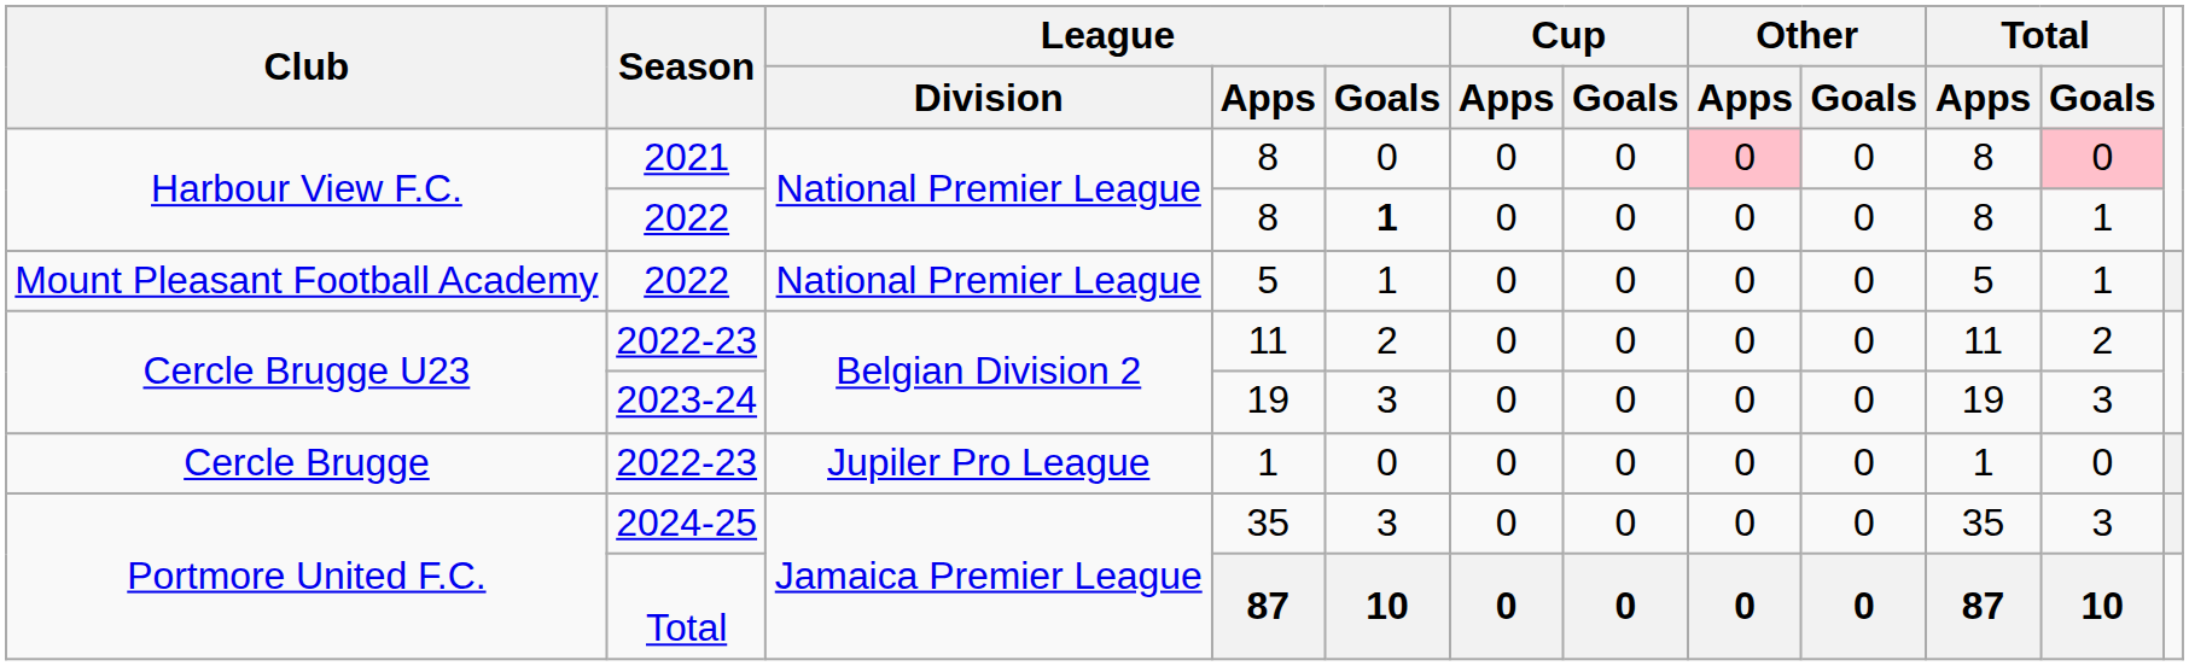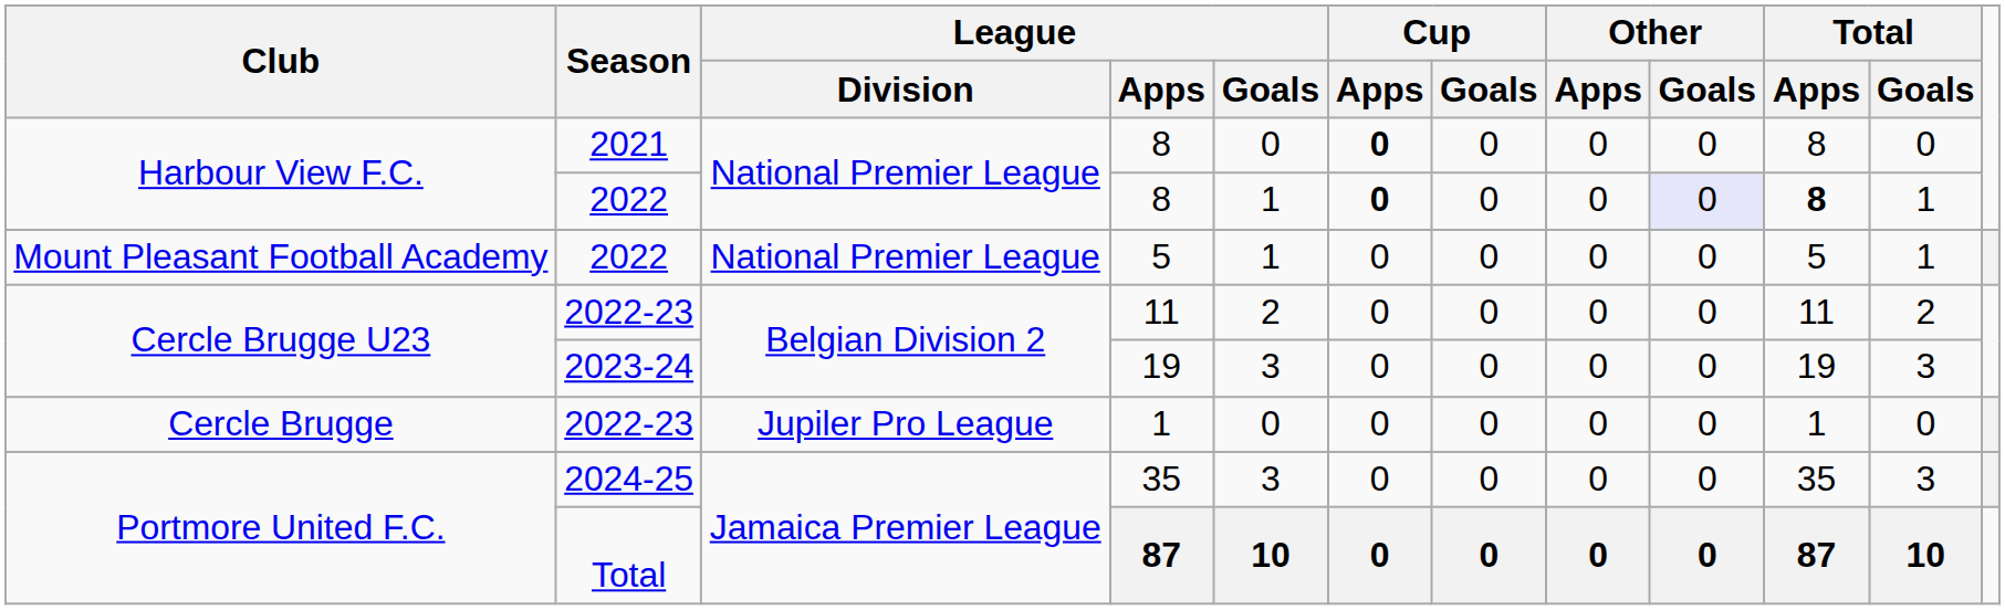 <table class="wikitable" style="text-align: center">
 <tr>
 <th rowspan="2">Club</th>
 <th rowspan="2">Season</th>
 <th colspan="3">League</th>
 <th colspan="2">Cup</th>
 <th colspan="2">Other</th>
 <th colspan="2">Total</th>
 </tr>
 <tr>
 <th>Division</th>
 <th>Apps</th>
 <th>Goals</th>
 <th>Apps</th>
 <th>Goals</th>
 <th>Apps</th>
 <th>Goals</th>
 <th>Apps</th>
 <th>Goals</th>
 </tr>
 <tr>
 <td rowspan="2"><a href='#'>Harbour View F.C.</a></td>
 <td><a href='#'>2021</a></td>
 <td rowspan="2"><a href='#'>National Premier League</a></td>
 <td>8</td>
 <td>0</td>
+<td><strong>0</strong></td>
 <td>0</td>
 <td>0</td>
-<td style="background: pink;">0</td>
 <td>0</td>
 <td>8</td>
-<td style="background: pink;">0</td>
+<td>0</td>
 </tr>
 <tr>
 <td><a href='#'>2022</a></td>
 <td>8</td>
-<td><strong>1</strong></td>
+<td>1</td>
+<td><strong>0</strong></td>
 <td>0</td>
 <td>0</td>
-<td>0</td>
-<td>0</td>
-<td>8</td>
+<td style="background: lavender;">0</td>
+<td><strong>8</strong></td>
 <td>1</td>
 </tr>
 <tr>
 <td rowspan="1"><a href='#'>Mount Pleasant Football Academy</a></td>
 <td><a href='#'>2022</a></td>
 <td rowspan="1"><a href='#'>National Premier League</a></td>
 <td>5</td>
 <td>1</td>
 <td>0</td>
 <td>0</td>
 <td>0</td>
 <td>0</td>
 <td>5</td>
 <td>1</td>
 <th colspan="3"></th>
 </tr>
 <tr>
 <td rowspan="2"><a href='#'>Cercle Brugge U23</a></td>
 <td><a href='#'>2022-23</a></td>
 <td rowspan="2"><a href='#'>Belgian Division 2</a></td>
 <td>11</td>
 <td>2</td>
 <td>0</td>
 <td>0</td>
 <td>0</td>
 <td>0</td>
 <td>11</td>
 <td>2</td>
 </tr>
 <tr>
 <td><a href='#'>2023-24</a></td>
 <td>19</td>
 <td>3</td>
 <td>0</td>
 <td>0</td>
 <td>0</td>
 <td>0</td>
 <td>19</td>
 <td>3</td>
 </tr>
 <tr>
 <td rowspan="1"><a href='#'>Cercle Brugge</a></td>
 <td><a href='#'>2022-23</a></td>
 <td rowspan="1"><a href='#'>Jupiler Pro League</a></td>
 <td>1</td>
 <td>0</td>
 <td>0</td>
 <td>0</td>
 <td>0</td>
 <td>0</td>
 <td>1</td>
 <td>0</td>
 <th colspan="3"></th>
 </tr>
 <tr>
 <td rowspan="2"><a href='#'>Portmore United F.C.</a></td>
 <td><a href='#'>2024-25</a></td>
 <td rowspan="2"><a href='#'>Jamaica Premier League</a></td>
 <td>35</td>
 <td>3</td>
 <td>0</td>
 <td>0</td>
 <td>0</td>
 <td>0</td>
 <td>35</td>
 <td>3</td>
 <th colspan="3"></th>
 </tr>
 <tr>
 <td colspan="1"><br><a href='#'>Total</a></td>
 <th>87</th>
 <th>10</th>
 <th>0</th>
 <th>0</th>
 <th>0</th>
 <th>0</th>
 <th>87</th>
 <th>10</th>
 </tr>
 </table>
